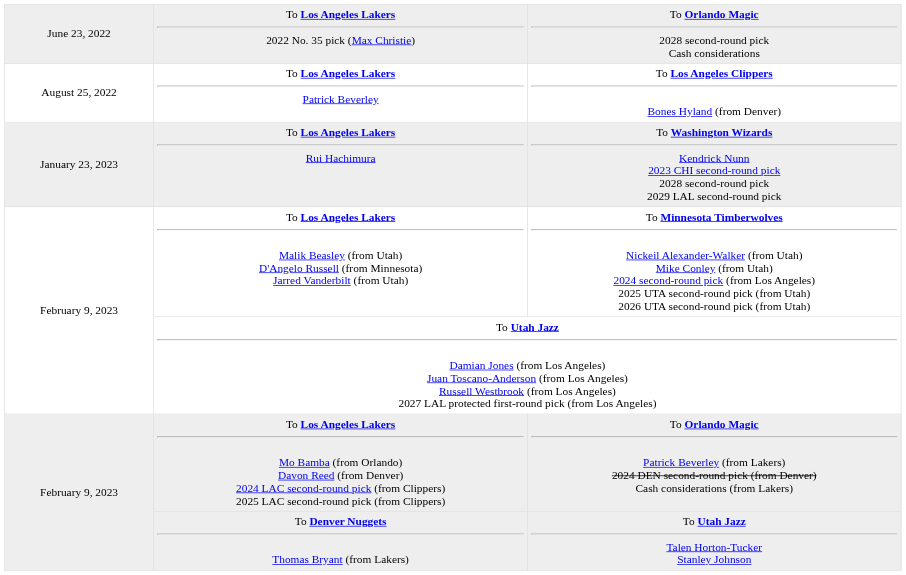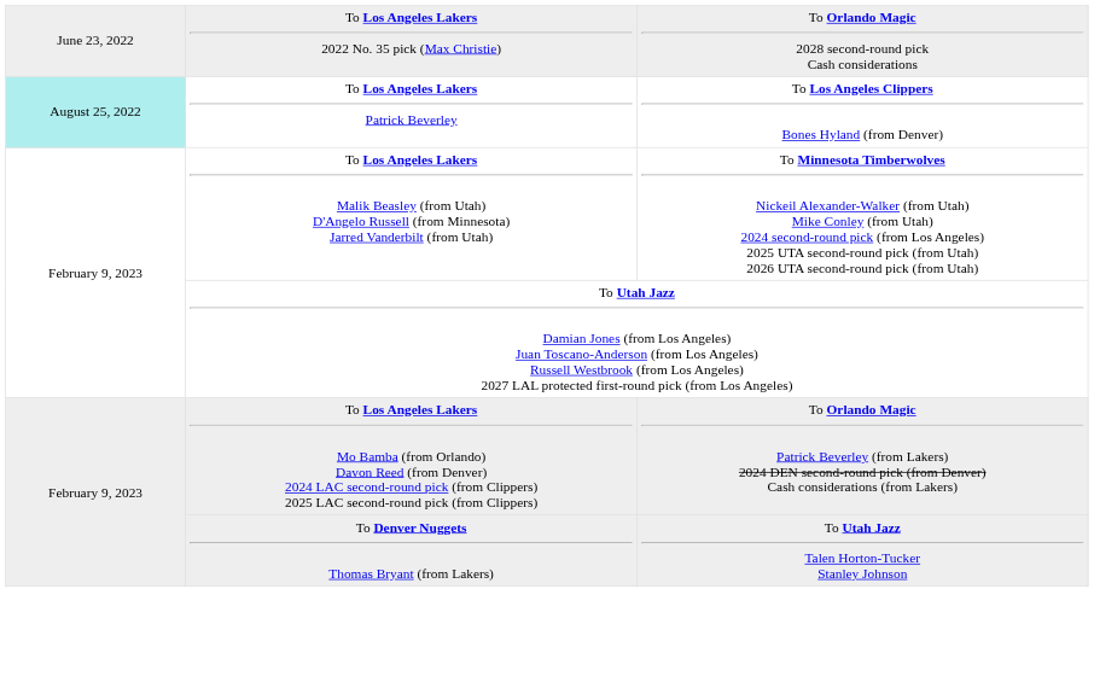 <table border=1 style="border-collapse:collapse; text-align: center; width: 100%" bordercolor="#DFDFDF"  cellpadding="5">
 <tr style="background:#eee;">
 <td style="width:12%">June 23, 2022</td>
 <td style="width:30%" valign="top">To <strong><a href='#'>Los Angeles Lakers</a></strong><hr>2022 No. 35 pick (<a href='#'>Max Christie</a>)</td>
 <td style="width:30%" valign="top">To <strong><a href='#'>Orlando Magic</a></strong><hr>2028 second-round pick<br>Cash considerations</td>
 </tr>
 <tr>
-<td style="width:12%">August 25, 2022</td>
+<td style="background: paleturquoise; width:12%">August 25, 2022</td>
 <td style="width:30%" valign="top">To <strong><a href='#'>Los Angeles Lakers</a></strong><hr><a href='#'>Patrick Beverley</a></td>
 <td align="center" valign="top">To <strong><a href='#'>Los Angeles Clippers</a></strong><hr><br><a href='#'>Bones Hyland</a> (from Denver)</td>
-</tr>
-<tr style="background:#eee;">
-<td style="width:12%">January 23, 2023</td>
-<td style="width:30%" valign="top">To <strong><a href='#'>Los Angeles Lakers</a></strong><hr><a href='#'>Rui Hachimura</a></td>
-<td style="width:30%" valign="top">To <strong><a href='#'>Washington Wizards</a></strong><hr><a href='#'>Kendrick Nunn</a><br><a href='#'>2023 CHI second-round pick</a><br>2028 second-round pick<br>2029 LAL second-round pick</td>
 </tr>
 <tr>
 <td rowspan=2>February 9, 2023</td>
 <td valign="top">To <strong><a href='#'>Los Angeles Lakers</a></strong><hr><br><a href='#'>Malik Beasley</a> (from Utah) <br><a href='#'>D'Angelo Russell</a> (from Minnesota) <br><a href='#'>Jarred Vanderbilt</a> (from Utah)</td>
 <td valign="top">To <strong><a href='#'>Minnesota Timberwolves</a></strong><hr><br><a href='#'>Nickeil Alexander-Walker</a> (from Utah) <br><a href='#'>Mike Conley</a> (from Utah) <br><a href='#'>2024 second-round pick</a> (from Los Angeles) <br>2025 UTA second-round pick (from Utah) <br>2026 UTA second-round pick (from Utah)</td>
 </tr>
 <tr>
 <td colspan=2 valign="top">To <strong><a href='#'>Utah Jazz</a></strong><hr><br><a href='#'>Damian Jones</a> (from Los Angeles) <br><a href='#'>Juan Toscano-Anderson</a> (from Los Angeles) <br><a href='#'>Russell Westbrook</a> (from Los Angeles) <br>2027 LAL protected first-round pick (from Los Angeles)</td>
 </tr>
 <tr style="background:#eee;">
 <td rowspan=2>February 9, 2023<br></td>
 <td align="center" valign="top">To <strong><a href='#'>Los Angeles Lakers</a></strong><hr><br><a href='#'>Mo Bamba</a> (from Orlando) <br><a href='#'>Davon Reed</a> (from Denver) <br><a href='#'>2024 LAC second-round pick</a> (from Clippers) <br>2025 LAC second-round pick (from Clippers)</td>
 <td align="center" valign="top">To <strong><a href='#'>Orlando Magic</a></strong><hr><br><a href='#'>Patrick Beverley</a> (from Lakers) <br><s>2024 DEN second-round pick (from Denver)</s> <br>Cash considerations (from Lakers)</td>
 </tr>
 <tr style="background:#eee;">
 <td align="center" valign="top">To <strong><a href='#'>Denver Nuggets</a></strong><hr><br><a href='#'>Thomas Bryant</a> (from Lakers)</td>
 <td style="width:30%" valign="top">To <strong><a href='#'>Utah Jazz</a></strong><hr><a href='#'>Talen Horton-Tucker</a><br><a href='#'>Stanley Johnson</a></td>
 </tr>
 </table>
